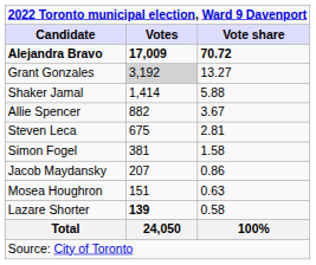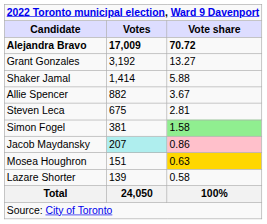 <table class="wikitable">
 <tr>
 <td colspan="3" align="center"><strong><a href='#'>2022 Toronto municipal election</a>, <a href='#'>Ward 9 Davenport</a></strong></td>
 </tr>
 <tr>
 <th scope="col" style="background:#ddf; width:150px;">Candidate</th>
 <th scope="col" style="background:#ddf;">Votes</th>
 <th scope="col" style="background:#ddf;">Vote share</th>
 </tr>
 <tr>
 <td><strong>Alejandra Bravo</strong></td>
 <td><strong>17,009</strong></td>
 <td><strong>70.72</strong></td>
 </tr>
 <tr>
 <td>Grant Gonzales</td>
-<td style="background: lightgrey;">3,192</td>
+<td>3,192</td>
 <td>13.27</td>
 </tr>
 <tr>
 <td>Shaker Jamal</td>
 <td>1,414</td>
 <td>5.88</td>
 </tr>
 <tr>
 <td>Allie Spencer</td>
 <td>882</td>
 <td>3.67</td>
 </tr>
 <tr>
 <td>Steven Leca</td>
 <td>675</td>
 <td>2.81</td>
 </tr>
 <tr>
 <td>Simon Fogel</td>
 <td>381</td>
-<td>1.58</td>
+<td style="background: lightgreen;">1.58</td>
 </tr>
 <tr>
 <td>Jacob Maydansky</td>
-<td>207</td>
-<td>0.86</td>
+<td style="background: paleturquoise;">207</td>
+<td style="background: pink;">0.86</td>
 </tr>
 <tr>
 <td>Mosea Houghron</td>
 <td>151</td>
-<td>0.63</td>
+<td style="background: gold;">0.63</td>
 </tr>
 <tr>
 <td>Lazare Shorter</td>
-<td><strong>139</strong></td>
+<td>139</td>
 <td>0.58</td>
 </tr>
 <tr>
 <th>Total</th>
 <th>24,050</th>
 <th>100%</th>
 </tr>
 <tr>
 <td colspan="3">Source: <a href='#'>City of Toronto</a></td>
 </tr>
 </table>
